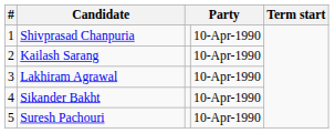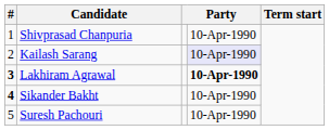 <table class="wikitable">
 <tr>
 <th>#</th>
 <th style="width:200px">Candidate</th>
 <th colspan="2">Party</th>
 <th>Term start</th>
 </tr>
 <tr>
 <td>1</td>
 <td><a href='#'>Shivprasad Chanpuria</a></td>
 <td></td>
 <td>10-Apr-1990</td>
 </tr>
 <tr>
 <td>2</td>
 <td><a href='#'>Kailash Sarang</a></td>
 <td></td>
-<td>10-Apr-1990</td>
+<td style="background: lavender;">10-Apr-1990</td>
 </tr>
 <tr>
-<td>3</td>
+<td><strong>3</strong></td>
 <td><a href='#'>Lakhiram Agrawal</a></td>
 <td></td>
-<td>10-Apr-1990</td>
+<td><strong>10-Apr-1990</strong></td>
 </tr>
 <tr>
-<td>4</td>
+<td><strong>4</strong></td>
 <td><a href='#'>Sikander Bakht</a></td>
 <td></td>
 <td>10-Apr-1990</td>
 </tr>
 <tr>
 <td>5</td>
 <td><a href='#'>Suresh Pachouri</a></td>
 <td></td>
 <td>10-Apr-1990</td>
 </tr>
 </table>
